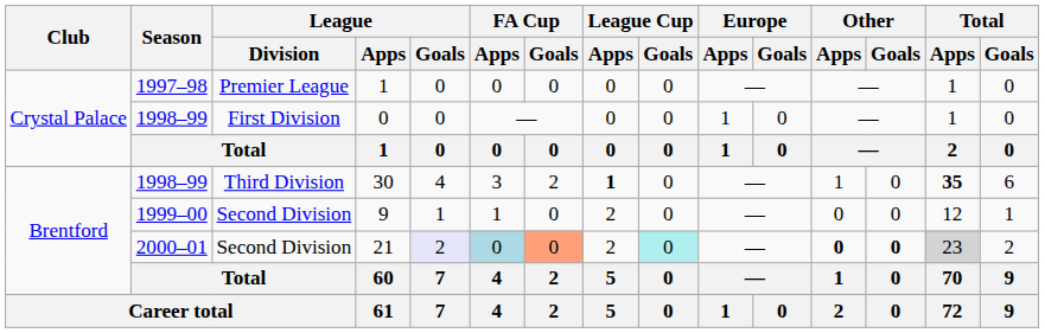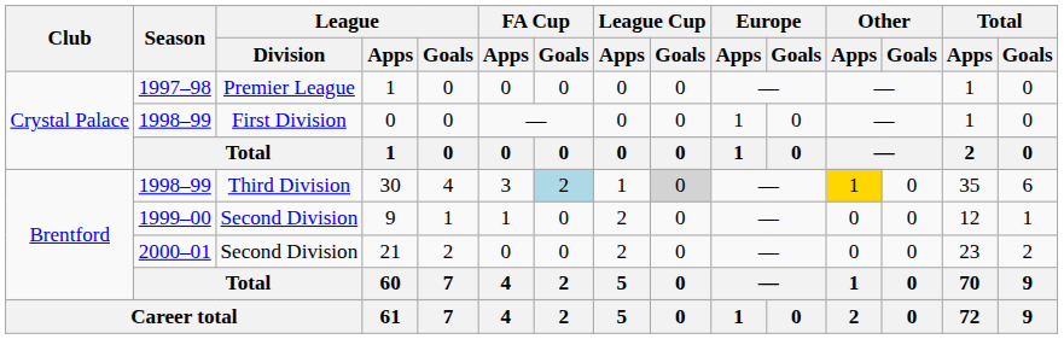 <table style="text-align: center;" class="wikitable">
 <tr>
 <th rowspan="2">Club</th>
 <th rowspan="2">Season</th>
 <th colspan="3">League</th>
 <th colspan="2">FA Cup</th>
 <th colspan="2">League Cup</th>
 <th colspan="2">Europe</th>
 <th colspan="2">Other</th>
 <th colspan="2">Total</th>
 </tr>
 <tr>
 <th>Division</th>
 <th>Apps</th>
 <th>Goals</th>
 <th>Apps</th>
 <th>Goals</th>
 <th>Apps</th>
 <th>Goals</th>
 <th>Apps</th>
 <th>Goals</th>
 <th>Apps</th>
 <th>Goals</th>
 <th>Apps</th>
 <th>Goals</th>
 </tr>
 <tr>
 <td rowspan="3"><a href='#'>Crystal Palace</a></td>
 <td><a href='#'>1997–98</a></td>
 <td><a href='#'>Premier League</a></td>
 <td>1</td>
 <td>0</td>
 <td>0</td>
 <td>0</td>
 <td>0</td>
 <td>0</td>
 <td colspan="2">—</td>
 <td colspan="2">—</td>
 <td>1</td>
 <td>0</td>
 </tr>
 <tr>
 <td><a href='#'>1998–99</a></td>
 <td><a href='#'>First Division</a></td>
 <td>0</td>
 <td>0</td>
 <td colspan="2">—</td>
 <td>0</td>
 <td>0</td>
 <td>1</td>
 <td>0</td>
 <td colspan="2">—</td>
 <td>1</td>
 <td>0</td>
 </tr>
 <tr>
 <th colspan="2">Total</th>
 <th>1</th>
 <th>0</th>
 <th>0</th>
 <th>0</th>
 <th>0</th>
 <th>0</th>
 <th>1</th>
 <th>0</th>
 <th colspan="2">—</th>
 <th>2</th>
 <th>0</th>
 </tr>
 <tr>
 <td rowspan="4"><a href='#'>Brentford</a></td>
 <td><a href='#'>1998–99</a></td>
 <td><a href='#'>Third Division</a></td>
 <td>30</td>
 <td>4</td>
 <td>3</td>
-<td>2</td>
-<td><strong>1</strong></td>
+<td style="background: lightblue;">2</td>
+<td>1</td>
+<td style="background: lightgrey;">0</td>
+<td colspan="2">—</td>
+<td style="background: gold;">1</td>
 <td>0</td>
-<td colspan="2">—</td>
-<td>1</td>
-<td>0</td>
-<td><strong>35</strong></td>
+<td>35</td>
 <td>6</td>
 </tr>
 <tr>
 <td><a href='#'>1999–00</a></td>
 <td><a href='#'>Second Division</a></td>
 <td>9</td>
 <td>1</td>
 <td>1</td>
 <td>0</td>
 <td>2</td>
 <td>0</td>
 <td colspan="2">—</td>
 <td>0</td>
 <td>0</td>
 <td>12</td>
 <td>1</td>
 </tr>
 <tr>
 <td><a href='#'>2000–01</a></td>
 <td>Second Division</td>
 <td>21</td>
-<td style="background: lavender;">2</td>
-<td style="background: lightblue;">0</td>
-<td style="background: lightsalmon;">0</td>
 <td>2</td>
-<td style="background: paleturquoise;">0</td>
+<td>0</td>
+<td>0</td>
+<td>2</td>
+<td>0</td>
 <td colspan="2">—</td>
-<td><strong>0</strong></td>
-<td><strong>0</strong></td>
-<td style="background: lightgrey;">23</td>
+<td>0</td>
+<td>0</td>
+<td>23</td>
 <td>2</td>
 </tr>
 <tr>
 <th colspan="2">Total</th>
 <th>60</th>
 <th>7</th>
 <th>4</th>
 <th>2</th>
 <th>5</th>
 <th>0</th>
 <th colspan="2">—</th>
 <th>1</th>
 <th>0</th>
 <th>70</th>
 <th>9</th>
 </tr>
 <tr>
 <th colspan="3">Career total</th>
 <th>61</th>
 <th>7</th>
 <th>4</th>
 <th>2</th>
 <th>5</th>
 <th>0</th>
 <th>1</th>
 <th>0</th>
 <th>2</th>
 <th>0</th>
 <th>72</th>
 <th>9</th>
 </tr>
 </table>
